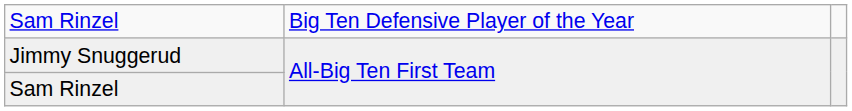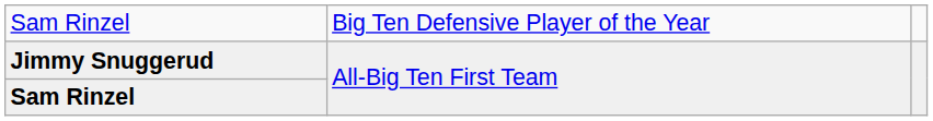 <table class="wikitable" width=40%>
 <tr>
 <td><a href='#'>Sam Rinzel</a></td>
 <td><a href='#'>Big Ten Defensive Player of the Year</a></td>
 <td></td>
 </tr>
 <tr bgcolor=f0f0f0>
-<td>Jimmy Snuggerud</td>
+<td><strong>Jimmy Snuggerud</strong></td>
 <td rowspan=2><a href='#'>All-Big Ten First Team</a></td>
 <td rowspan=2></td>
 </tr>
 <tr bgcolor=f0f0f0>
-<td>Sam Rinzel</td>
+<td><strong>Sam Rinzel</strong></td>
 </tr>
 </table>
